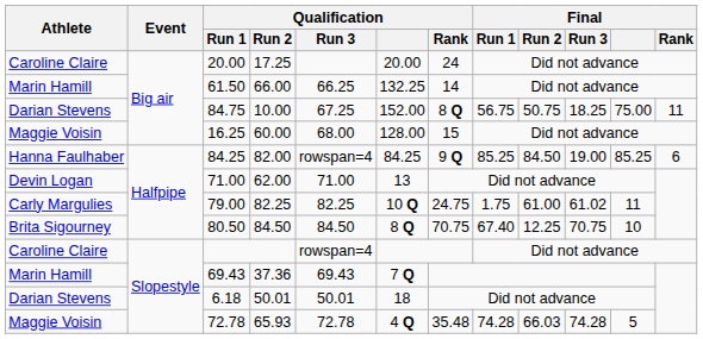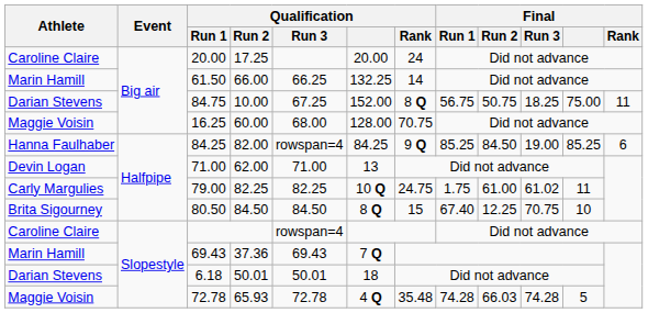 <table class=wikitable style=font-size:90%;text-align:center>
 <tr>
 <th rowspan=2>Athlete</th>
 <th rowspan=2>Event</th>
 <th colspan=5>Qualification</th>
 <th colspan=5>Final</th>
 </tr>
 <tr style=font-size:95%>
 <th>Run 1</th>
 <th>Run 2</th>
 <th>Run 3</th>
 <th></th>
 <th>Rank</th>
 <th>Run 1</th>
 <th>Run 2</th>
 <th>Run 3</th>
 <th></th>
 <th>Rank</th>
 </tr>
 <tr>
 <td align=left><a href='#'>Caroline Claire</a></td>
 <td align=left rowspan=4><a href='#'>Big air</a></td>
 <td>20.00</td>
 <td>17.25</td>
 <td></td>
 <td>20.00</td>
 <td>24</td>
 <td colspan=5>Did not advance</td>
 </tr>
 <tr>
 <td align=left><a href='#'>Marin Hamill</a></td>
 <td>61.50</td>
 <td>66.00</td>
 <td>66.25</td>
 <td>132.25</td>
 <td>14</td>
 <td colspan=5>Did not advance</td>
 </tr>
 <tr>
 <td align=left><a href='#'>Darian Stevens</a></td>
 <td>84.75</td>
 <td>10.00</td>
 <td>67.25</td>
 <td>152.00</td>
 <td>8 <strong>Q</strong></td>
 <td>56.75</td>
 <td>50.75</td>
 <td>18.25</td>
 <td>75.00</td>
 <td>11</td>
 </tr>
 <tr>
 <td align=left><a href='#'>Maggie Voisin</a></td>
 <td>16.25</td>
 <td>60.00</td>
 <td>68.00</td>
 <td>128.00</td>
-<td>15</td>
+<td>70.75</td>
 <td colspan=5>Did not advance</td>
 </tr>
 <tr>
 <td align=left><a href='#'>Hanna Faulhaber</a></td>
 <td align=left rowspan=4><a href='#'>Halfpipe</a></td>
 <td>84.25</td>
 <td>82.00</td>
 <td>rowspan=4 </td>
 <td>84.25</td>
 <td>9 <strong>Q</strong></td>
 <td>85.25</td>
 <td>84.50</td>
 <td>19.00</td>
 <td>85.25</td>
 <td>6</td>
 </tr>
 <tr>
 <td align=left><a href='#'>Devin Logan</a></td>
 <td>71.00</td>
 <td>62.00</td>
 <td>71.00</td>
 <td>13</td>
 <td colspan=5>Did not advance</td>
 </tr>
 <tr>
 <td align=left><a href='#'>Carly Margulies</a></td>
 <td>79.00</td>
 <td>82.25</td>
 <td>82.25</td>
 <td>10 <strong>Q</strong></td>
 <td>24.75</td>
 <td>1.75</td>
 <td>61.00</td>
 <td>61.02</td>
 <td>11</td>
 </tr>
 <tr>
 <td align=left><a href='#'>Brita Sigourney</a></td>
 <td>80.50</td>
 <td>84.50</td>
 <td>84.50</td>
 <td>8 <strong>Q</strong></td>
-<td>70.75</td>
+<td>15</td>
 <td>67.40</td>
 <td>12.25</td>
 <td>70.75</td>
 <td>10</td>
 </tr>
 <tr>
 <td align=left><a href='#'>Caroline Claire</a></td>
 <td align=left rowspan=4><a href='#'>Slopestyle</a></td>
 <td colspan=2></td>
 <td>rowspan=4 </td>
 <td colspan=2></td>
 <td colspan=5>Did not advance</td>
 </tr>
 <tr>
 <td align=left><a href='#'>Marin Hamill</a></td>
 <td>69.43</td>
 <td>37.36</td>
 <td>69.43</td>
 <td>7 <strong>Q</strong></td>
 <td colspan=5></td>
 </tr>
 <tr>
 <td align=left><a href='#'>Darian Stevens</a></td>
 <td>6.18</td>
 <td>50.01</td>
 <td>50.01</td>
 <td>18</td>
 <td colspan=5>Did not advance</td>
 </tr>
 <tr>
 <td align=left><a href='#'>Maggie Voisin</a></td>
 <td>72.78</td>
 <td>65.93</td>
 <td>72.78</td>
 <td>4 <strong>Q</strong></td>
 <td>35.48</td>
 <td>74.28</td>
 <td>66.03</td>
 <td>74.28</td>
 <td>5</td>
 </tr>
 </table>
